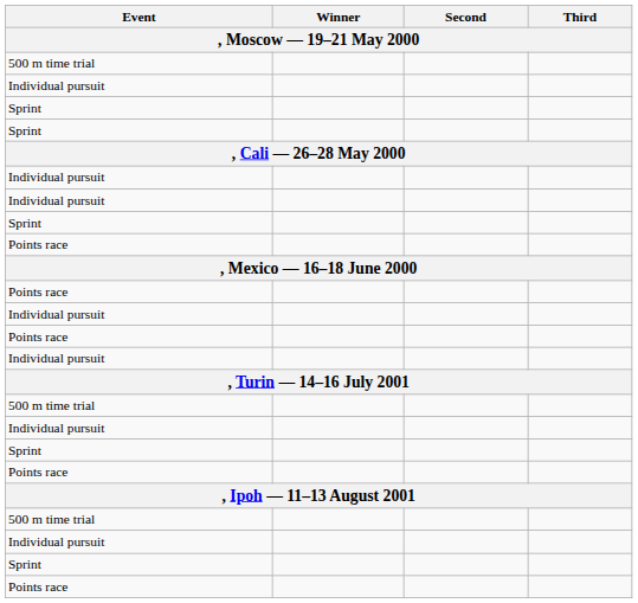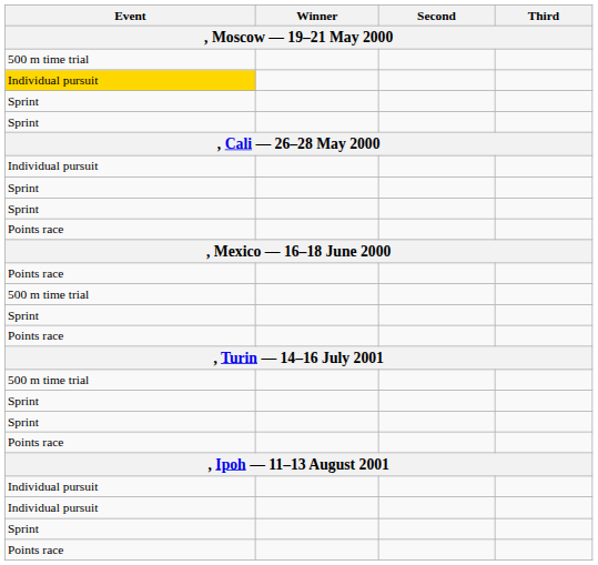 <table class=wikitable style="font-size:95%" width="80%">
 <tr>
 <th>Event</th>
 <th>Winner</th>
 <th>Second</th>
 <th>Third</th>
 </tr>
 <tr>
 <th colspan=4><big>, Moscow — 19–21 May 2000</big></th>
 </tr>
 <tr>
 <td>500 m time trial</td>
 <td></td>
 <td></td>
 <td></td>
 </tr>
 <tr>
-<td>Individual pursuit</td>
+<td style="background: gold;">Individual pursuit</td>
 <td></td>
 <td></td>
 <td></td>
 </tr>
 <tr>
 <td>Sprint</td>
 <td></td>
 <td></td>
 <td></td>
 </tr>
 <tr>
 <td>Sprint</td>
 <td></td>
 <td></td>
 <td></td>
 </tr>
 <tr>
 <th colspan=4><big>, <a href='#'>Cali</a> — 26–28 May 2000</big></th>
 </tr>
 <tr>
 <td>Individual pursuit</td>
 <td></td>
 <td></td>
 <td></td>
 </tr>
 <tr>
-<td>Individual pursuit</td>
+<td>Sprint</td>
 <td></td>
 <td></td>
 <td></td>
 </tr>
 <tr>
 <td>Sprint</td>
 <td></td>
 <td></td>
 <td></td>
 </tr>
 <tr>
 <td>Points race</td>
 <td></td>
 <td></td>
 <td></td>
 </tr>
 <tr>
 <th colspan=4><big>, Mexico — 16–18 June 2000</big></th>
 </tr>
 <tr>
 <td>Points race</td>
 <td></td>
 <td></td>
 <td></td>
 </tr>
 <tr>
-<td>Individual pursuit</td>
+<td>500 m time trial</td>
+<td></td>
+<td></td>
+<td></td>
+</tr>
+<tr>
+<td>Sprint</td>
 <td></td>
 <td></td>
 <td></td>
 </tr>
 <tr>
 <td>Points race</td>
-<td></td>
-<td></td>
-<td></td>
-</tr>
-<tr>
-<td>Individual pursuit</td>
 <td></td>
 <td></td>
 <td></td>
 </tr>
 <tr>
 <th colspan=4><big>, <a href='#'>Turin</a> — 14–16 July 2001</big></th>
 </tr>
 <tr>
 <td>500 m time trial</td>
 <td></td>
 <td></td>
 <td></td>
 </tr>
 <tr>
-<td>Individual pursuit</td>
+<td>Sprint</td>
 <td></td>
 <td></td>
 <td></td>
 </tr>
 <tr>
 <td>Sprint</td>
 <td></td>
 <td></td>
 <td></td>
 </tr>
 <tr>
 <td>Points race</td>
 <td></td>
 <td></td>
 <td></td>
 </tr>
 <tr>
 <th colspan=4><big>, <a href='#'>Ipoh</a> — 11–13 August 2001</big></th>
 </tr>
 <tr>
-<td>500 m time trial</td>
+<td>Individual pursuit</td>
 <td></td>
 <td></td>
 <td></td>
 </tr>
 <tr>
 <td>Individual pursuit</td>
 <td></td>
 <td></td>
 <td></td>
 </tr>
 <tr>
 <td>Sprint</td>
 <td></td>
 <td></td>
 <td></td>
 </tr>
 <tr>
 <td>Points race</td>
 <td></td>
 <td></td>
 <td></td>
 </tr>
 </table>
